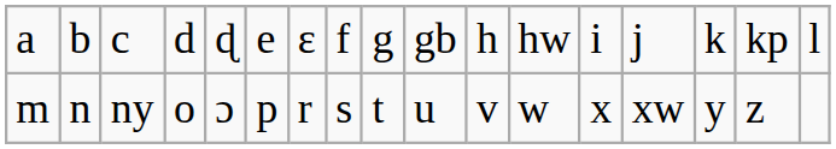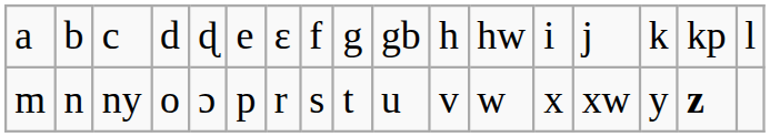 <table class="wikitable">
 <tr>
 <td>a</td>
 <td>b</td>
 <td>c</td>
 <td>d</td>
 <td>ɖ</td>
 <td>e</td>
 <td>ɛ</td>
 <td>f</td>
 <td>g</td>
 <td>gb</td>
 <td>h</td>
 <td>hw</td>
 <td>i</td>
 <td>j</td>
 <td>k</td>
 <td>kp</td>
 <td>l</td>
 </tr>
 <tr>
 <td>m</td>
 <td>n</td>
 <td>ny</td>
 <td>o</td>
 <td>ɔ</td>
 <td>p</td>
 <td>r</td>
 <td>s</td>
 <td>t</td>
 <td>u</td>
 <td>v</td>
 <td>w</td>
 <td>x</td>
 <td>xw</td>
 <td>y</td>
-<td>z</td>
+<td><strong>z</strong></td>
 </tr>
 </table>
